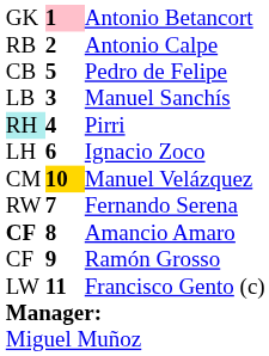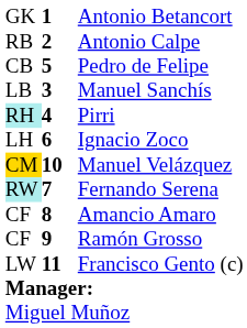 <table style="font-size:90%; margin:0.2em auto;" cellspacing="0" cellpadding="0">
 <tr>
 <th width="25"></th>
 <th width="25"></th>
 </tr>
 <tr>
 <td>GK</td>
-<td style="background: pink;"><strong>1</strong></td>
+<td><strong>1</strong></td>
 <td> <a href='#'>Antonio Betancort</a></td>
 </tr>
 <tr>
 <td>RB</td>
 <td><strong>2</strong></td>
 <td> <a href='#'>Antonio Calpe</a></td>
 </tr>
 <tr>
 <td>CB</td>
 <td><strong>5</strong></td>
 <td> <a href='#'>Pedro de Felipe</a></td>
 </tr>
 <tr>
 <td>LB</td>
 <td><strong>3</strong></td>
 <td> <a href='#'>Manuel Sanchís</a></td>
 </tr>
 <tr>
 <td style="background: paleturquoise;">RH</td>
 <td><strong>4</strong></td>
 <td> <a href='#'>Pirri</a></td>
 </tr>
 <tr>
 <td>LH</td>
 <td><strong>6</strong></td>
 <td> <a href='#'>Ignacio Zoco</a></td>
 </tr>
 <tr>
-<td>CM</td>
-<td style="background: gold;"><strong>10</strong></td>
+<td style="background: gold;">CM</td>
+<td><strong>10</strong></td>
 <td> <a href='#'>Manuel Velázquez</a></td>
 </tr>
 <tr>
-<td>RW</td>
+<td style="background: paleturquoise;">RW</td>
 <td><strong>7</strong></td>
 <td><a href='#'>Fernando Serena</a></td>
 </tr>
 <tr>
-<td><strong>CF</strong></td>
+<td>CF</td>
 <td><strong>8</strong></td>
 <td> <a href='#'>Amancio Amaro</a></td>
 </tr>
 <tr>
 <td>CF</td>
 <td><strong>9</strong></td>
 <td> <a href='#'>Ramón Grosso</a></td>
 </tr>
 <tr>
 <td>LW</td>
 <td><strong>11</strong></td>
 <td> <a href='#'>Francisco Gento</a> (c)</td>
 </tr>
 <tr>
 <td colspan=3><strong>Manager:</strong></td>
 </tr>
 <tr>
 <td colspan=4> <a href='#'>Miguel Muñoz</a></td>
 </tr>
 </table>
